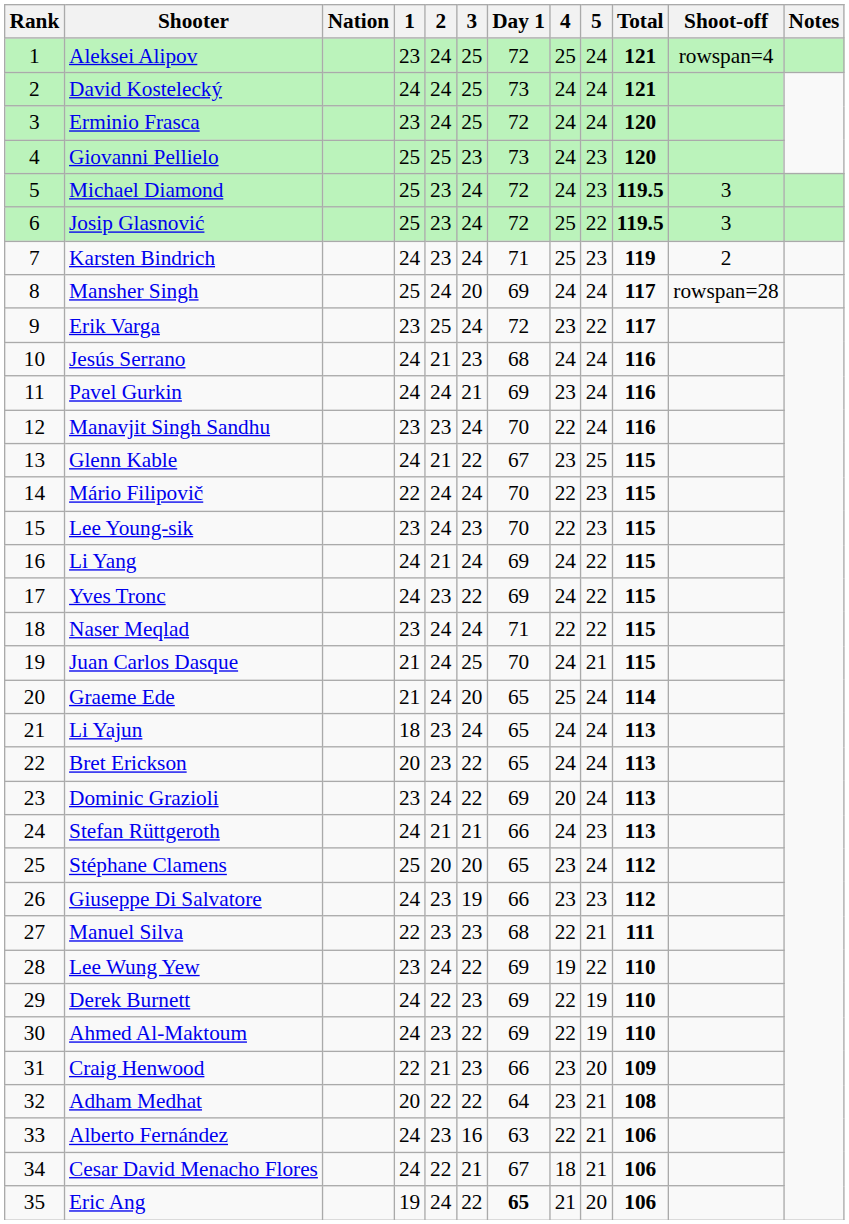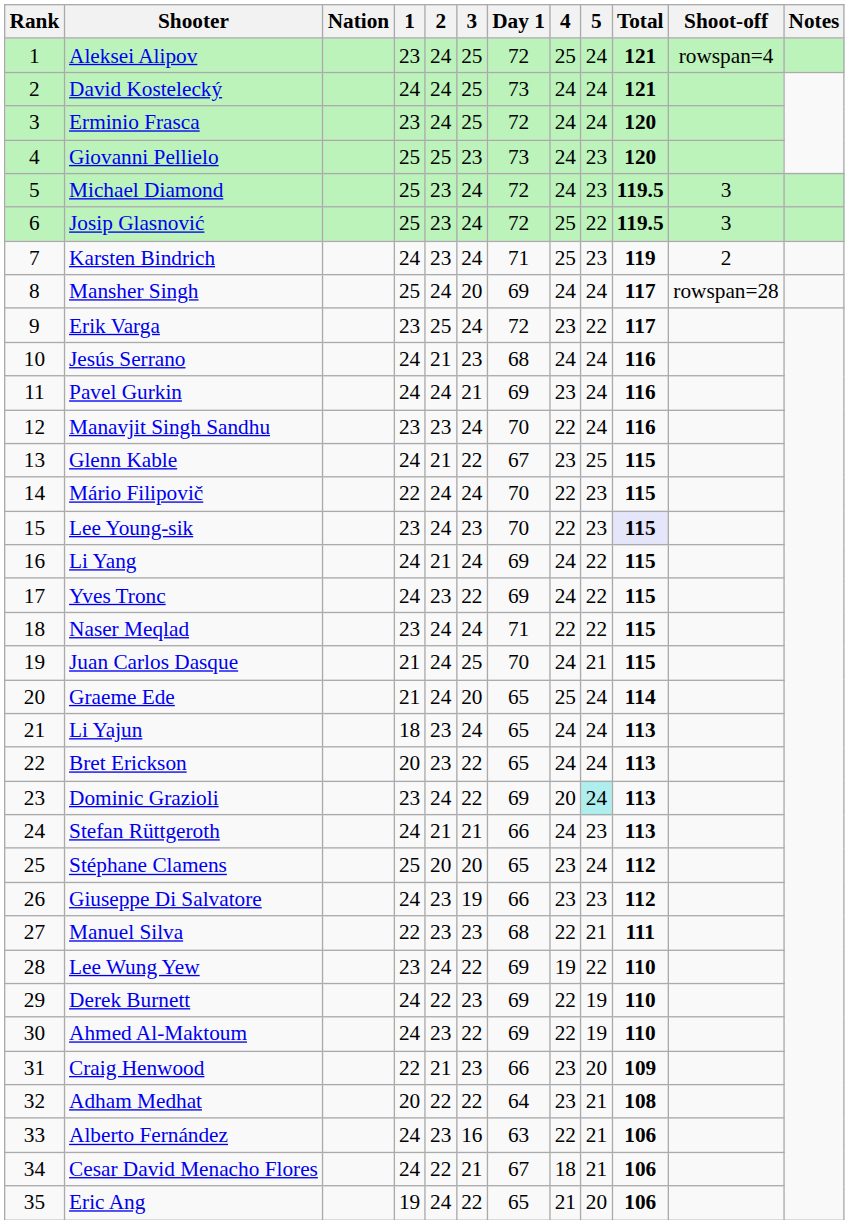 <table class="wikitable sortable" style="text-align:center">
 <tr>
 <th>Rank</th>
 <th>Shooter</th>
 <th>Nation</th>
 <th>1</th>
 <th>2</th>
 <th>3</th>
 <th>Day 1</th>
 <th>4</th>
 <th>5</th>
 <th>Total</th>
 <th>Shoot-off</th>
 <th>Notes</th>
 </tr>
 <tr bgcolor=#bbf3bb>
 <td>1</td>
 <td align=left><a href='#'>Aleksei Alipov</a></td>
 <td align="left"></td>
 <td>23</td>
 <td>24</td>
 <td>25</td>
 <td>72</td>
 <td>25</td>
 <td>24</td>
 <td><strong> 121 </strong></td>
 <td>rowspan=4 </td>
 <td></td>
 </tr>
 <tr bgcolor=#bbf3bb>
 <td>2</td>
 <td align=left><a href='#'>David Kostelecký</a></td>
 <td align="left"></td>
 <td>24</td>
 <td>24</td>
 <td>25</td>
 <td>73</td>
 <td>24</td>
 <td>24</td>
 <td><strong> 121 </strong></td>
 <td></td>
 </tr>
 <tr bgcolor=#bbf3bb>
 <td>3</td>
 <td align=left><a href='#'>Erminio Frasca</a></td>
 <td align="left"></td>
 <td>23</td>
 <td>24</td>
 <td>25</td>
 <td>72</td>
 <td>24</td>
 <td>24</td>
 <td><strong> 120 </strong></td>
 <td></td>
 </tr>
 <tr bgcolor=#bbf3bb>
 <td>4</td>
 <td align=left><a href='#'>Giovanni Pellielo</a></td>
 <td align="left"></td>
 <td>25</td>
 <td>25</td>
 <td>23</td>
 <td>73</td>
 <td>24</td>
 <td>23</td>
 <td><strong> 120 </strong></td>
 <td></td>
 </tr>
 <tr bgcolor=#bbf3bb>
 <td>5</td>
 <td align=left><a href='#'>Michael Diamond</a></td>
 <td align="left"></td>
 <td>25</td>
 <td>23</td>
 <td>24</td>
 <td>72</td>
 <td>24</td>
 <td>23</td>
 <td><strong> 119<span>.5</span> </strong></td>
 <td>3</td>
 <td></td>
 </tr>
 <tr bgcolor=#bbf3bb>
 <td>6</td>
 <td align=left><a href='#'>Josip Glasnović</a></td>
 <td align="left"></td>
 <td>25</td>
 <td>23</td>
 <td>24</td>
 <td>72</td>
 <td>25</td>
 <td>22</td>
 <td><strong> 119<span>.5</span> </strong></td>
 <td>3</td>
 <td></td>
 </tr>
 <tr>
 <td>7</td>
 <td align=left><a href='#'>Karsten Bindrich</a></td>
 <td align="left"></td>
 <td>24</td>
 <td>23</td>
 <td>24</td>
 <td>71</td>
 <td>25</td>
 <td>23</td>
 <td><strong>119</strong></td>
 <td>2</td>
 <td></td>
 </tr>
 <tr>
 <td>8</td>
 <td align=left><a href='#'>Mansher Singh</a></td>
 <td align="left"></td>
 <td>25</td>
 <td>24</td>
 <td>20</td>
 <td>69</td>
 <td>24</td>
 <td>24</td>
 <td><strong>117</strong></td>
 <td>rowspan=28 </td>
 <td></td>
 </tr>
 <tr>
 <td>9</td>
 <td align=left><a href='#'>Erik Varga</a></td>
 <td align="left"></td>
 <td>23</td>
 <td>25</td>
 <td>24</td>
 <td>72</td>
 <td>23</td>
 <td>22</td>
 <td><strong>117</strong></td>
 <td></td>
 </tr>
 <tr>
 <td>10</td>
 <td align=left><a href='#'>Jesús Serrano</a></td>
 <td align="left"></td>
 <td>24</td>
 <td>21</td>
 <td>23</td>
 <td>68</td>
 <td>24</td>
 <td>24</td>
 <td><strong>116</strong></td>
 <td></td>
 </tr>
 <tr>
 <td>11</td>
 <td align=left><a href='#'>Pavel Gurkin</a></td>
 <td align="left"></td>
 <td>24</td>
 <td>24</td>
 <td>21</td>
 <td>69</td>
 <td>23</td>
 <td>24</td>
 <td><strong>116</strong></td>
 <td></td>
 </tr>
 <tr>
 <td>12</td>
 <td align=left><a href='#'>Manavjit Singh Sandhu</a></td>
 <td align="left"></td>
 <td>23</td>
 <td>23</td>
 <td>24</td>
 <td>70</td>
 <td>22</td>
 <td>24</td>
 <td><strong>116</strong></td>
 <td></td>
 </tr>
 <tr>
 <td>13</td>
 <td align=left><a href='#'>Glenn Kable</a></td>
 <td align="left"></td>
 <td>24</td>
 <td>21</td>
 <td>22</td>
 <td>67</td>
 <td>23</td>
 <td>25</td>
 <td><strong>115</strong></td>
 <td></td>
 </tr>
 <tr>
 <td>14</td>
 <td align=left><a href='#'>Mário Filipovič</a></td>
 <td align="left"></td>
 <td>22</td>
 <td>24</td>
 <td>24</td>
 <td>70</td>
 <td>22</td>
 <td>23</td>
 <td><strong>115</strong></td>
 <td></td>
 </tr>
 <tr>
 <td>15</td>
 <td align=left><a href='#'>Lee Young-sik</a></td>
 <td align="left"></td>
 <td>23</td>
 <td>24</td>
 <td>23</td>
 <td>70</td>
 <td>22</td>
 <td>23</td>
-<td><strong>115</strong></td>
+<td style="background: lavender;"><strong>115</strong></td>
 <td></td>
 </tr>
 <tr>
 <td>16</td>
 <td align=left><a href='#'>Li Yang</a></td>
 <td align="left"></td>
 <td>24</td>
 <td>21</td>
 <td>24</td>
 <td>69</td>
 <td>24</td>
 <td>22</td>
 <td><strong>115</strong></td>
 <td></td>
 </tr>
 <tr>
 <td>17</td>
 <td align=left><a href='#'>Yves Tronc</a></td>
 <td align="left"></td>
 <td>24</td>
 <td>23</td>
 <td>22</td>
 <td>69</td>
 <td>24</td>
 <td>22</td>
 <td><strong>115</strong></td>
 <td></td>
 </tr>
 <tr>
 <td>18</td>
 <td align=left><a href='#'>Naser Meqlad</a></td>
 <td align="left"></td>
 <td>23</td>
 <td>24</td>
 <td>24</td>
 <td>71</td>
 <td>22</td>
 <td>22</td>
 <td><strong>115</strong></td>
 <td></td>
 </tr>
 <tr>
 <td>19</td>
 <td align=left><a href='#'>Juan Carlos Dasque</a></td>
 <td align="left"></td>
 <td>21</td>
 <td>24</td>
 <td>25</td>
 <td>70</td>
 <td>24</td>
 <td>21</td>
 <td><strong>115</strong></td>
 <td></td>
 </tr>
 <tr>
 <td>20</td>
 <td align=left><a href='#'>Graeme Ede</a></td>
 <td align="left"></td>
 <td>21</td>
 <td>24</td>
 <td>20</td>
 <td>65</td>
 <td>25</td>
 <td>24</td>
 <td><strong>114</strong></td>
 <td></td>
 </tr>
 <tr>
 <td>21</td>
 <td align=left><a href='#'>Li Yajun</a></td>
 <td align="left"></td>
 <td>18</td>
 <td>23</td>
 <td>24</td>
 <td>65</td>
 <td>24</td>
 <td>24</td>
 <td><strong>113</strong></td>
 <td></td>
 </tr>
 <tr>
 <td>22</td>
 <td align=left><a href='#'>Bret Erickson</a></td>
 <td align="left"></td>
 <td>20</td>
 <td>23</td>
 <td>22</td>
 <td>65</td>
 <td>24</td>
 <td>24</td>
 <td><strong>113</strong></td>
 <td></td>
 </tr>
 <tr>
 <td>23</td>
 <td align=left><a href='#'>Dominic Grazioli</a></td>
 <td align="left"></td>
 <td>23</td>
 <td>24</td>
 <td>22</td>
 <td>69</td>
 <td>20</td>
-<td>24</td>
+<td style="background: paleturquoise;">24</td>
 <td><strong>113</strong></td>
 <td></td>
 </tr>
 <tr>
 <td>24</td>
 <td align=left><a href='#'>Stefan Rüttgeroth</a></td>
 <td align="left"></td>
 <td>24</td>
 <td>21</td>
 <td>21</td>
 <td>66</td>
 <td>24</td>
 <td>23</td>
 <td><strong>113</strong></td>
 <td></td>
 </tr>
 <tr>
 <td>25</td>
 <td align=left><a href='#'>Stéphane Clamens</a></td>
 <td align="left"></td>
 <td>25</td>
 <td>20</td>
 <td>20</td>
 <td>65</td>
 <td>23</td>
 <td>24</td>
 <td><strong>112</strong></td>
 <td></td>
 </tr>
 <tr>
 <td>26</td>
 <td align=left><a href='#'>Giuseppe Di Salvatore</a></td>
 <td align="left"></td>
 <td>24</td>
 <td>23</td>
 <td>19</td>
 <td>66</td>
 <td>23</td>
 <td>23</td>
 <td><strong>112</strong></td>
 <td></td>
 </tr>
 <tr>
 <td>27</td>
 <td align=left><a href='#'>Manuel Silva</a></td>
 <td align="left"></td>
 <td>22</td>
 <td>23</td>
 <td>23</td>
 <td>68</td>
 <td>22</td>
 <td>21</td>
 <td><strong>111</strong></td>
 <td></td>
 </tr>
 <tr>
 <td>28</td>
 <td align=left><a href='#'>Lee Wung Yew</a></td>
 <td align="left"></td>
 <td>23</td>
 <td>24</td>
 <td>22</td>
 <td>69</td>
 <td>19</td>
 <td>22</td>
 <td><strong>110</strong></td>
 <td></td>
 </tr>
 <tr>
 <td>29</td>
 <td align=left><a href='#'>Derek Burnett</a></td>
 <td align="left"></td>
 <td>24</td>
 <td>22</td>
 <td>23</td>
 <td>69</td>
 <td>22</td>
 <td>19</td>
 <td><strong>110</strong></td>
 <td></td>
 </tr>
 <tr>
 <td>30</td>
 <td align=left><a href='#'>Ahmed Al-Maktoum</a></td>
 <td align="left"></td>
 <td>24</td>
 <td>23</td>
 <td>22</td>
 <td>69</td>
 <td>22</td>
 <td>19</td>
 <td><strong>110</strong></td>
 <td></td>
 </tr>
 <tr>
 <td>31</td>
 <td align=left><a href='#'>Craig Henwood</a></td>
 <td align="left"></td>
 <td>22</td>
 <td>21</td>
 <td>23</td>
 <td>66</td>
 <td>23</td>
 <td>20</td>
 <td><strong>109</strong></td>
 <td></td>
 </tr>
 <tr>
 <td>32</td>
 <td align=left><a href='#'>Adham Medhat</a></td>
 <td align="left"></td>
 <td>20</td>
 <td>22</td>
 <td>22</td>
 <td>64</td>
 <td>23</td>
 <td>21</td>
 <td><strong>108</strong></td>
 <td></td>
 </tr>
 <tr>
 <td>33</td>
 <td align=left><a href='#'>Alberto Fernández</a></td>
 <td align="left"></td>
 <td>24</td>
 <td>23</td>
 <td>16</td>
 <td>63</td>
 <td>22</td>
 <td>21</td>
 <td><strong>106</strong></td>
 <td></td>
 </tr>
 <tr>
 <td>34</td>
 <td align=left><a href='#'>Cesar David Menacho Flores</a></td>
 <td align="left"></td>
 <td>24</td>
 <td>22</td>
 <td>21</td>
 <td>67</td>
 <td>18</td>
 <td>21</td>
 <td><strong>106</strong></td>
 <td></td>
 </tr>
 <tr>
 <td>35</td>
 <td align=left><a href='#'>Eric Ang</a></td>
 <td align="left"></td>
 <td>19</td>
 <td>24</td>
 <td>22</td>
-<td><strong>65</strong></td>
+<td>65</td>
 <td>21</td>
 <td>20</td>
 <td><strong>106</strong></td>
 <td></td>
 </tr>
 </table>
